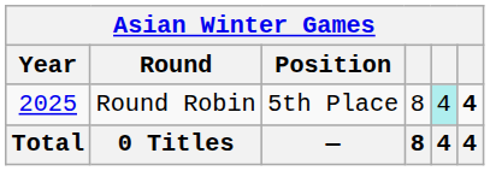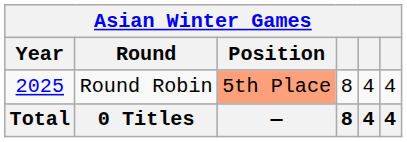 <table class="wikitable" style="text-align: center;">
 <tr>
 <th colspan=10><a href='#'>Asian Winter Games</a></th>
 </tr>
 <tr>
 <th>Year</th>
 <th>Round</th>
 <th>Position</th>
 <th></th>
 <th></th>
 <th></th>
 </tr>
 <tr>
 <td> <a href='#'>2025</a></td>
 <td>Round Robin</td>
-<td>5th Place</td>
+<td style="background: lightsalmon;">5th Place</td>
 <td>8</td>
-<td style="background: paleturquoise;">4</td>
-<td><strong>4</strong></td>
+<td>4</td>
+<td>4</td>
 </tr>
 <tr>
 <th>Total</th>
 <th>0 Titles</th>
 <th>—</th>
 <th>8</th>
 <th>4</th>
 <th>4</th>
 </tr>
 </table>
